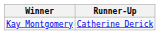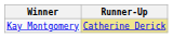 <table class="wikitable">
 <tr>
 <th><strong>Winner</strong></th>
 <th><strong>Runner-Up</strong></th>
 </tr>
 <tr>
 <td> <a href='#'>Kay Montgomery</a></td>
-<td> <a href='#'>Catherine Derick</a></td>
+<td style="background: khaki;"> <a href='#'>Catherine Derick</a></td>
 </tr>
 </table>
